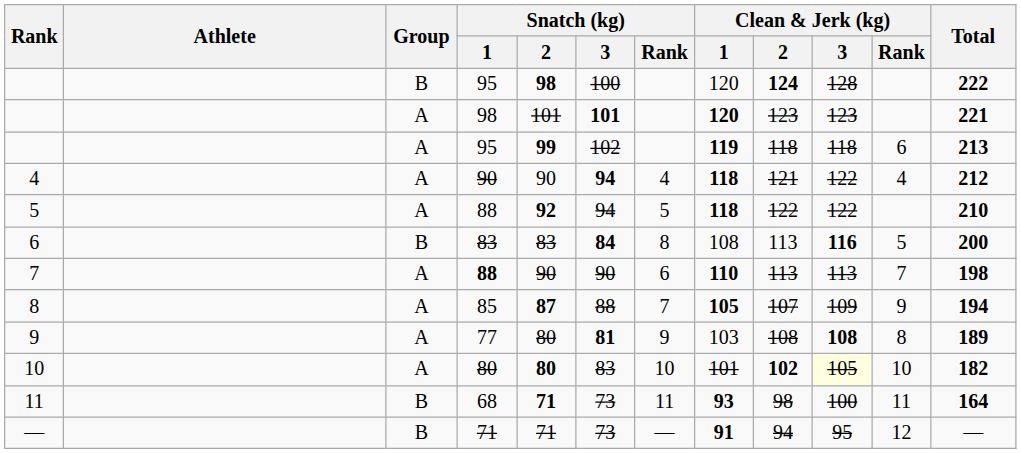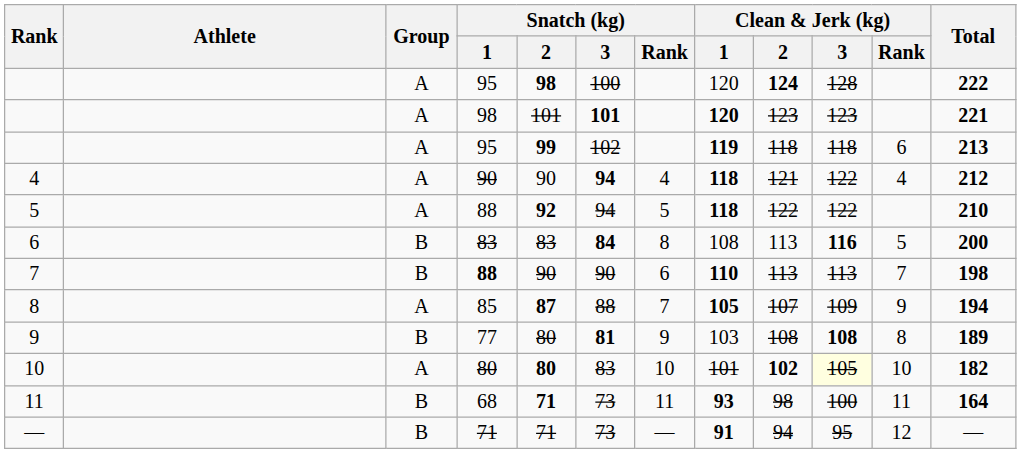 <table class = "wikitable" style="text-align:center;">
 <tr>
 <th rowspan=2 width=40>Rank</th>
 <th rowspan=2 width=250>Athlete</th>
 <th rowspan=2 width=50>Group</th>
 <th colspan=4>Snatch (kg)</th>
 <th colspan=4>Clean & Jerk (kg)</th>
 <th rowspan=2 width=60>Total</th>
 </tr>
 <tr>
 <th width=40>1</th>
 <th width=40>2</th>
 <th width=40>3</th>
 <th width=40>Rank</th>
 <th width=40>1</th>
 <th width=40>2</th>
 <th width=40>3</th>
 <th width=40>Rank</th>
 </tr>
 <tr>
 <td></td>
 <td align=left></td>
-<td>B</td>
+<td>A</td>
 <td>95</td>
 <td><strong>98</strong></td>
 <td><s>100</s></td>
 <td></td>
 <td>120</td>
 <td><strong>124</strong></td>
 <td><s>128</s></td>
 <td></td>
 <td><strong>222</strong></td>
 </tr>
 <tr>
 <td></td>
 <td align=left></td>
 <td>A</td>
 <td>98</td>
 <td><s>101</s></td>
 <td><strong>101</strong></td>
 <td></td>
 <td><strong>120</strong></td>
 <td><s>123</s></td>
 <td><s>123</s></td>
 <td></td>
 <td><strong>221</strong></td>
 </tr>
 <tr>
 <td></td>
 <td align=left></td>
 <td>A</td>
 <td>95</td>
 <td><strong>99</strong></td>
 <td><s>102</s></td>
 <td></td>
 <td><strong>119</strong></td>
 <td><s>118</s></td>
 <td><s>118</s></td>
 <td>6</td>
 <td><strong>213</strong></td>
 </tr>
 <tr>
 <td>4</td>
 <td align=left></td>
 <td>A</td>
 <td><s>90</s></td>
 <td>90</td>
 <td><strong>94</strong></td>
 <td>4</td>
 <td><strong>118</strong></td>
 <td><s>121</s></td>
 <td><s>122</s></td>
 <td>4</td>
 <td><strong>212</strong></td>
 </tr>
 <tr>
 <td>5</td>
 <td align=left></td>
 <td>A</td>
 <td>88</td>
 <td><strong>92</strong></td>
 <td><s>94</s></td>
 <td>5</td>
 <td><strong>118</strong></td>
 <td><s>122</s></td>
 <td><s>122</s></td>
 <td></td>
 <td><strong>210</strong></td>
 </tr>
 <tr>
 <td>6</td>
 <td align=left></td>
 <td>B</td>
 <td><s>83</s></td>
 <td><s>83</s></td>
 <td><strong>84</strong></td>
 <td>8</td>
 <td>108</td>
 <td>113</td>
 <td><strong>116</strong></td>
 <td>5</td>
 <td><strong>200</strong></td>
 </tr>
 <tr>
 <td>7</td>
 <td align=left></td>
-<td>A</td>
+<td>B</td>
 <td><strong>88</strong></td>
 <td><s>90</s></td>
 <td><s>90</s></td>
 <td>6</td>
 <td><strong>110</strong></td>
 <td><s>113</s></td>
 <td><s>113</s></td>
 <td>7</td>
 <td><strong>198</strong></td>
 </tr>
 <tr>
 <td>8</td>
 <td align=left></td>
 <td>A</td>
 <td>85</td>
 <td><strong>87</strong></td>
 <td><s>88</s></td>
 <td>7</td>
 <td><strong>105</strong></td>
 <td><s>107</s></td>
 <td><s>109</s></td>
 <td>9</td>
 <td><strong>194</strong></td>
 </tr>
 <tr>
 <td>9</td>
 <td align=left></td>
-<td>A</td>
+<td>B</td>
 <td>77</td>
 <td><s>80</s></td>
 <td><strong>81</strong></td>
 <td>9</td>
 <td>103</td>
 <td><s>108</s></td>
 <td><strong>108</strong></td>
 <td>8</td>
 <td><strong>189</strong></td>
 </tr>
 <tr>
 <td>10</td>
 <td align=left></td>
 <td>A</td>
 <td><s>80</s></td>
 <td><strong>80</strong></td>
 <td><s>83</s></td>
 <td>10</td>
 <td><s>101</s></td>
 <td><strong>102</strong></td>
 <td style="background: lightyellow;"><s>105</s></td>
 <td>10</td>
 <td><strong>182</strong></td>
 </tr>
 <tr>
 <td>11</td>
 <td align=left></td>
 <td>B</td>
 <td>68</td>
 <td><strong>71</strong></td>
 <td><s>73</s></td>
 <td>11</td>
 <td><strong>93</strong></td>
 <td><s>98</s></td>
 <td><s>100</s></td>
 <td>11</td>
 <td><strong>164</strong></td>
 </tr>
 <tr>
 <td>—</td>
 <td align=left></td>
 <td>B</td>
 <td><s>71</s></td>
 <td><s>71</s></td>
 <td><s>73</s></td>
 <td>—</td>
 <td><strong>91</strong></td>
 <td><s>94</s></td>
 <td><s>95</s></td>
 <td>12</td>
 <td>—</td>
 </tr>
 </table>
